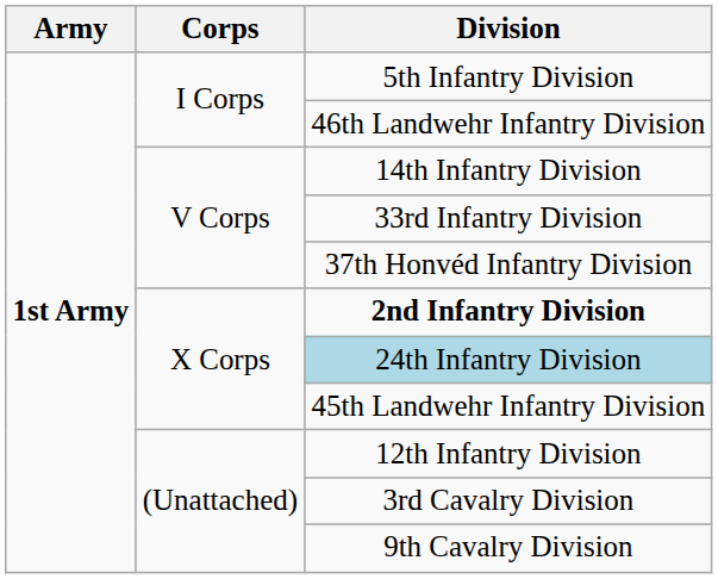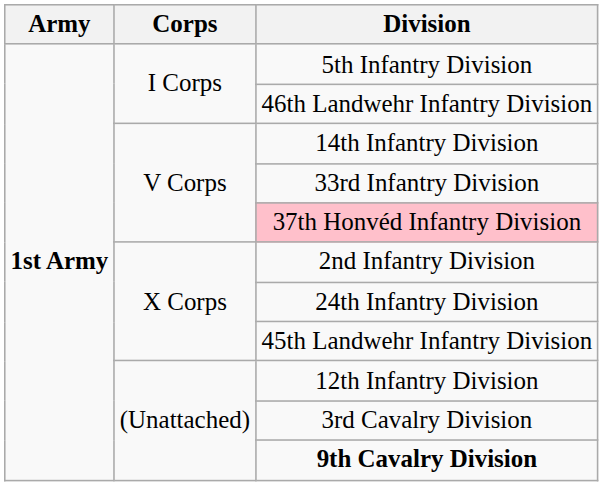 <table class="wikitable" style="text-align:center;">
 <tr>
 <th>Army</th>
 <th>Corps</th>
 <th>Division</th>
 </tr>
 <tr>
 <td ROWSPAN=11><strong>1st Army</strong></td>
 <td ROWSPAN=2>I Corps</td>
 <td>5th Infantry Division</td>
 </tr>
 <tr>
 <td>46th Landwehr Infantry Division</td>
 </tr>
 <tr>
 <td ROWSPAN=3>V Corps</td>
 <td>14th Infantry Division</td>
 </tr>
 <tr>
 <td>33rd Infantry Division</td>
 </tr>
 <tr>
-<td>37th Honvéd Infantry Division</td>
+<td style="background: pink;">37th Honvéd Infantry Division</td>
 </tr>
 <tr>
 <td ROWSPAN=3>X Corps</td>
-<td><strong>2nd Infantry Division</strong></td>
+<td>2nd Infantry Division</td>
 </tr>
 <tr>
-<td style="background: lightblue;">24th Infantry Division</td>
+<td>24th Infantry Division</td>
 </tr>
 <tr>
 <td>45th Landwehr Infantry Division</td>
 </tr>
 <tr>
 <td ROWSPAN=3>(Unattached)</td>
 <td>12th Infantry Division</td>
 </tr>
 <tr>
 <td>3rd Cavalry Division</td>
 </tr>
 <tr>
-<td>9th Cavalry Division</td>
+<td><strong>9th Cavalry Division</strong></td>
 </tr>
 </table>
